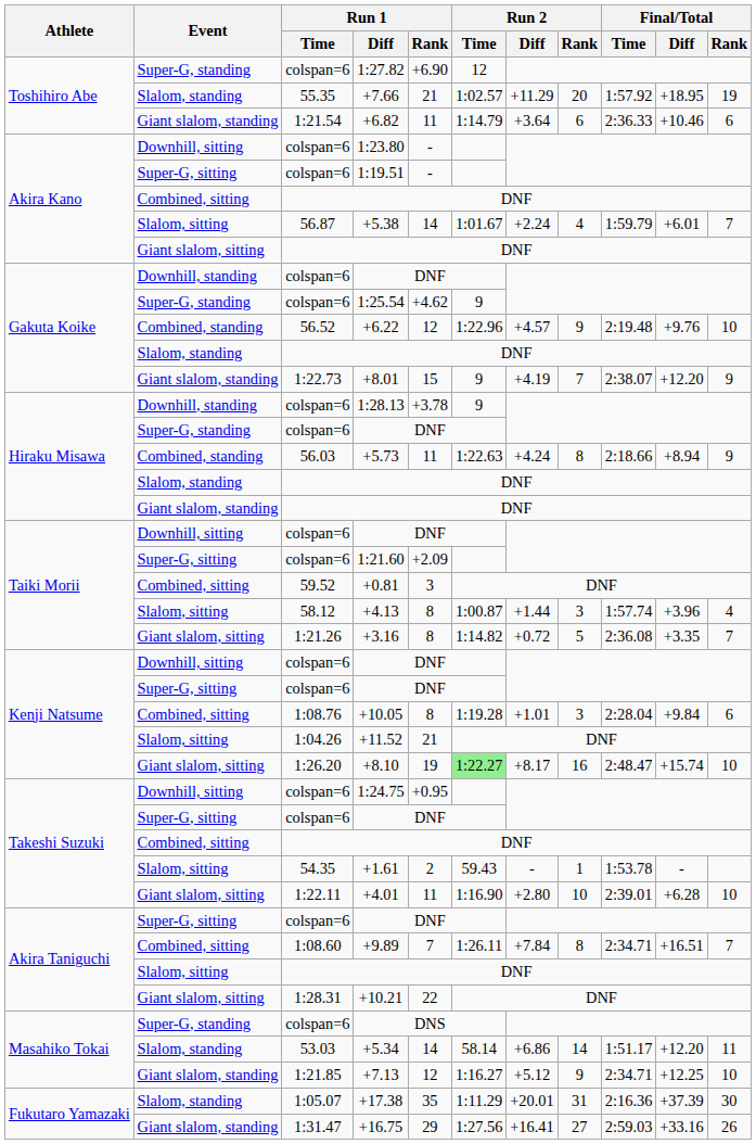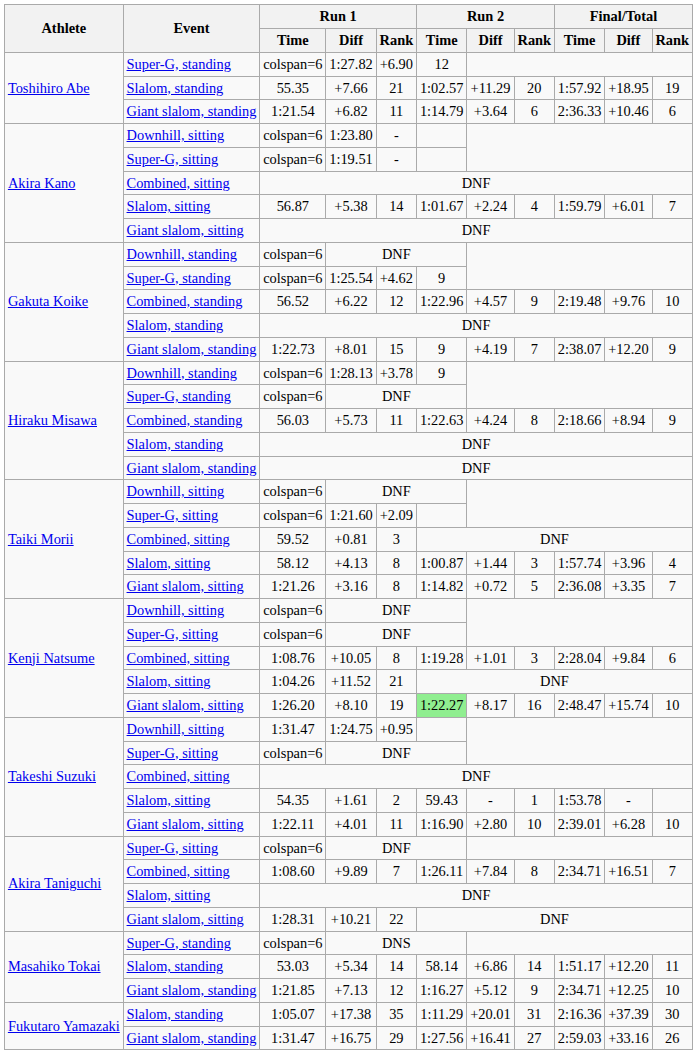 <table class="wikitable" style="font-size:90%">
 <tr>
 <th rowspan="2">Athlete</th>
 <th rowspan="2">Event</th>
 <th colspan="3">Run 1</th>
 <th colspan="3">Run 2</th>
 <th colspan="3">Final/Total</th>
 </tr>
 <tr>
 <th>Time</th>
 <th>Diff</th>
 <th>Rank</th>
 <th>Time</th>
 <th>Diff</th>
 <th>Rank</th>
 <th>Time</th>
 <th>Diff</th>
 <th>Rank</th>
 </tr>
 <tr>
 <td rowspan=3><a href='#'>Toshihiro Abe</a></td>
 <td><a href='#'>Super-G, standing</a></td>
 <td>colspan=6 </td>
 <td align="center">1:27.82</td>
 <td align="center">+6.90</td>
 <td align="center">12</td>
 </tr>
 <tr>
 <td><a href='#'>Slalom, standing</a></td>
 <td align="center">55.35</td>
 <td align="center">+7.66</td>
 <td align="center">21</td>
 <td align="center">1:02.57</td>
 <td align="center">+11.29</td>
 <td align="center">20</td>
 <td align="center">1:57.92</td>
 <td align="center">+18.95</td>
 <td align="center">19</td>
 </tr>
 <tr>
 <td><a href='#'>Giant slalom, standing</a></td>
 <td align="center">1:21.54</td>
 <td align="center">+6.82</td>
 <td align="center">11</td>
 <td align="center">1:14.79</td>
 <td align="center">+3.64</td>
 <td align="center">6</td>
 <td align="center">2:36.33</td>
 <td align="center">+10.46</td>
 <td align="center">6</td>
 </tr>
 <tr>
 <td rowspan=5><a href='#'>Akira Kano</a></td>
 <td><a href='#'>Downhill, sitting</a></td>
 <td>colspan=6 </td>
 <td align="center">1:23.80</td>
 <td align="center">-</td>
 <td align="center"></td>
 </tr>
 <tr>
 <td><a href='#'>Super-G, sitting</a></td>
 <td>colspan=6 </td>
 <td align="center">1:19.51</td>
 <td align="center">-</td>
 <td align="center"></td>
 </tr>
 <tr>
 <td><a href='#'>Combined, sitting</a></td>
 <td align="center" colspan=9>DNF</td>
 </tr>
 <tr>
 <td><a href='#'>Slalom, sitting</a></td>
 <td align="center">56.87</td>
 <td align="center">+5.38</td>
 <td align="center">14</td>
 <td align="center">1:01.67</td>
 <td align="center">+2.24</td>
 <td align="center">4</td>
 <td align="center">1:59.79</td>
 <td align="center">+6.01</td>
 <td align="center">7</td>
 </tr>
 <tr>
 <td><a href='#'>Giant slalom, sitting</a></td>
 <td align="center" colspan=9>DNF</td>
 </tr>
 <tr>
 <td rowspan=5><a href='#'>Gakuta Koike</a></td>
 <td><a href='#'>Downhill, standing</a></td>
 <td>colspan=6 </td>
 <td align="center" colspan=3>DNF</td>
 </tr>
 <tr>
 <td><a href='#'>Super-G, standing</a></td>
 <td>colspan=6 </td>
 <td align="center">1:25.54</td>
 <td align="center">+4.62</td>
 <td align="center">9</td>
 </tr>
 <tr>
 <td><a href='#'>Combined, standing</a></td>
 <td align="center">56.52</td>
 <td align="center">+6.22</td>
 <td align="center">12</td>
 <td align="center">1:22.96</td>
 <td align="center">+4.57</td>
 <td align="center">9</td>
 <td align="center">2:19.48</td>
 <td align="center">+9.76</td>
 <td align="center">10</td>
 </tr>
 <tr>
 <td><a href='#'>Slalom, standing</a></td>
 <td align="center" colspan=9>DNF</td>
 </tr>
 <tr>
 <td><a href='#'>Giant slalom, standing</a></td>
 <td align="center">1:22.73</td>
 <td align="center">+8.01</td>
 <td align="center">15</td>
 <td align="center">9</td>
 <td align="center">+4.19</td>
 <td align="center">7</td>
 <td align="center">2:38.07</td>
 <td align="center">+12.20</td>
 <td align="center">9</td>
 </tr>
 <tr>
 <td rowspan=5><a href='#'>Hiraku Misawa</a></td>
 <td><a href='#'>Downhill, standing</a></td>
 <td>colspan=6 </td>
 <td align="center">1:28.13</td>
 <td align="center">+3.78</td>
 <td align="center">9</td>
 </tr>
 <tr>
 <td><a href='#'>Super-G, standing</a></td>
 <td>colspan=6 </td>
 <td align="center" colspan=3>DNF</td>
 </tr>
 <tr>
 <td><a href='#'>Combined, standing</a></td>
 <td align="center">56.03</td>
 <td align="center">+5.73</td>
 <td align="center">11</td>
 <td align="center">1:22.63</td>
 <td align="center">+4.24</td>
 <td align="center">8</td>
 <td align="center">2:18.66</td>
 <td align="center">+8.94</td>
 <td align="center">9</td>
 </tr>
 <tr>
 <td><a href='#'>Slalom, standing</a></td>
 <td align="center" colspan=9>DNF</td>
 </tr>
 <tr>
 <td><a href='#'>Giant slalom, standing</a></td>
 <td align="center" colspan=9>DNF</td>
 </tr>
 <tr>
 <td rowspan=5><a href='#'>Taiki Morii</a></td>
 <td><a href='#'>Downhill, sitting</a></td>
 <td>colspan=6 </td>
 <td align="center" colspan=3>DNF</td>
 </tr>
 <tr>
 <td><a href='#'>Super-G, sitting</a></td>
 <td>colspan=6 </td>
 <td align="center">1:21.60</td>
 <td align="center">+2.09</td>
 <td align="center"></td>
 </tr>
 <tr>
 <td><a href='#'>Combined, sitting</a></td>
 <td align="center">59.52</td>
 <td align="center">+0.81</td>
 <td align="center">3</td>
 <td align="center" colspan=6>DNF</td>
 </tr>
 <tr>
 <td><a href='#'>Slalom, sitting</a></td>
 <td align="center">58.12</td>
 <td align="center">+4.13</td>
 <td align="center">8</td>
 <td align="center">1:00.87</td>
 <td align="center">+1.44</td>
 <td align="center">3</td>
 <td align="center">1:57.74</td>
 <td align="center">+3.96</td>
 <td align="center">4</td>
 </tr>
 <tr>
 <td><a href='#'>Giant slalom, sitting</a></td>
 <td align="center">1:21.26</td>
 <td align="center">+3.16</td>
 <td align="center">8</td>
 <td align="center">1:14.82</td>
 <td align="center">+0.72</td>
 <td align="center">5</td>
 <td align="center">2:36.08</td>
 <td align="center">+3.35</td>
 <td align="center">7</td>
 </tr>
 <tr>
 <td rowspan=5><a href='#'>Kenji Natsume</a></td>
 <td><a href='#'>Downhill, sitting</a></td>
 <td>colspan=6 </td>
 <td align="center" colspan=3>DNF</td>
 </tr>
 <tr>
 <td><a href='#'>Super-G, sitting</a></td>
 <td>colspan=6 </td>
 <td align="center" colspan=3>DNF</td>
 </tr>
 <tr>
 <td><a href='#'>Combined, sitting</a></td>
 <td align="center">1:08.76</td>
 <td align="center">+10.05</td>
 <td align="center">8</td>
 <td align="center">1:19.28</td>
 <td align="center">+1.01</td>
 <td align="center">3</td>
 <td align="center">2:28.04</td>
 <td align="center">+9.84</td>
 <td align="center">6</td>
 </tr>
 <tr>
 <td><a href='#'>Slalom, sitting</a></td>
 <td align="center">1:04.26</td>
 <td align="center">+11.52</td>
 <td align="center">21</td>
 <td align="center" colspan=6>DNF</td>
 </tr>
 <tr>
 <td><a href='#'>Giant slalom, sitting</a></td>
 <td align="center">1:26.20</td>
 <td align="center">+8.10</td>
 <td align="center">19</td>
 <td align="center" style="background: lightgreen;">1:22.27</td>
 <td align="center">+8.17</td>
 <td align="center">16</td>
 <td align="center">2:48.47</td>
 <td align="center">+15.74</td>
 <td align="center">10</td>
 </tr>
 <tr>
 <td rowspan=5><a href='#'>Takeshi Suzuki</a></td>
 <td><a href='#'>Downhill, sitting</a></td>
-<td>colspan=6 </td>
+<td align="center">1:31.47</td>
 <td align="center">1:24.75</td>
 <td align="center">+0.95</td>
 <td align="center"></td>
 </tr>
 <tr>
 <td><a href='#'>Super-G, sitting</a></td>
 <td>colspan=6 </td>
 <td align="center" colspan=3>DNF</td>
 </tr>
 <tr>
 <td><a href='#'>Combined, sitting</a></td>
 <td align="center" colspan=9>DNF</td>
 </tr>
 <tr>
 <td><a href='#'>Slalom, sitting</a></td>
 <td align="center">54.35</td>
 <td align="center">+1.61</td>
 <td align="center">2</td>
 <td align="center">59.43</td>
 <td align="center">-</td>
 <td align="center">1</td>
 <td align="center">1:53.78</td>
 <td align="center">-</td>
 <td align="center"></td>
 </tr>
 <tr>
 <td><a href='#'>Giant slalom, sitting</a></td>
 <td align="center">1:22.11</td>
 <td align="center">+4.01</td>
 <td align="center">11</td>
 <td align="center">1:16.90</td>
 <td align="center">+2.80</td>
 <td align="center">10</td>
 <td align="center">2:39.01</td>
 <td align="center">+6.28</td>
 <td align="center">10</td>
 </tr>
 <tr>
 <td rowspan=4><a href='#'>Akira Taniguchi</a></td>
 <td><a href='#'>Super-G, sitting</a></td>
 <td>colspan=6 </td>
 <td align="center" colspan=3>DNF</td>
 </tr>
 <tr>
 <td><a href='#'>Combined, sitting</a></td>
 <td align="center">1:08.60</td>
 <td align="center">+9.89</td>
 <td align="center">7</td>
 <td align="center">1:26.11</td>
 <td align="center">+7.84</td>
 <td align="center">8</td>
 <td align="center">2:34.71</td>
 <td align="center">+16.51</td>
 <td align="center">7</td>
 </tr>
 <tr>
 <td><a href='#'>Slalom, sitting</a></td>
 <td align="center" colspan=9>DNF</td>
 </tr>
 <tr>
 <td><a href='#'>Giant slalom, sitting</a></td>
 <td align="center">1:28.31</td>
 <td align="center">+10.21</td>
 <td align="center">22</td>
 <td align="center" colspan=6>DNF</td>
 </tr>
 <tr>
 <td rowspan=3><a href='#'>Masahiko Tokai</a></td>
 <td><a href='#'>Super-G, standing</a></td>
 <td>colspan=6 </td>
 <td align="center" colspan=3>DNS</td>
 </tr>
 <tr>
 <td><a href='#'>Slalom, standing</a></td>
 <td align="center">53.03</td>
 <td align="center">+5.34</td>
 <td align="center">14</td>
 <td align="center">58.14</td>
 <td align="center">+6.86</td>
 <td align="center">14</td>
 <td align="center">1:51.17</td>
 <td align="center">+12.20</td>
 <td align="center">11</td>
 </tr>
 <tr>
 <td><a href='#'>Giant slalom, standing</a></td>
 <td align="center">1:21.85</td>
 <td align="center">+7.13</td>
 <td align="center">12</td>
 <td align="center">1:16.27</td>
 <td align="center">+5.12</td>
 <td align="center">9</td>
 <td align="center">2:34.71</td>
 <td align="center">+12.25</td>
 <td align="center">10</td>
 </tr>
 <tr>
 <td rowspan=2><a href='#'>Fukutaro Yamazaki</a></td>
 <td><a href='#'>Slalom, standing</a></td>
 <td align="center">1:05.07</td>
 <td align="center">+17.38</td>
 <td align="center">35</td>
 <td align="center">1:11.29</td>
 <td align="center">+20.01</td>
 <td align="center">31</td>
 <td align="center">2:16.36</td>
 <td align="center">+37.39</td>
 <td align="center">30</td>
 </tr>
 <tr>
 <td><a href='#'>Giant slalom, standing</a></td>
 <td align="center">1:31.47</td>
 <td align="center">+16.75</td>
 <td align="center">29</td>
 <td align="center">1:27.56</td>
 <td align="center">+16.41</td>
 <td align="center">27</td>
 <td align="center">2:59.03</td>
 <td align="center">+33.16</td>
 <td align="center">26</td>
 </tr>
 </table>
